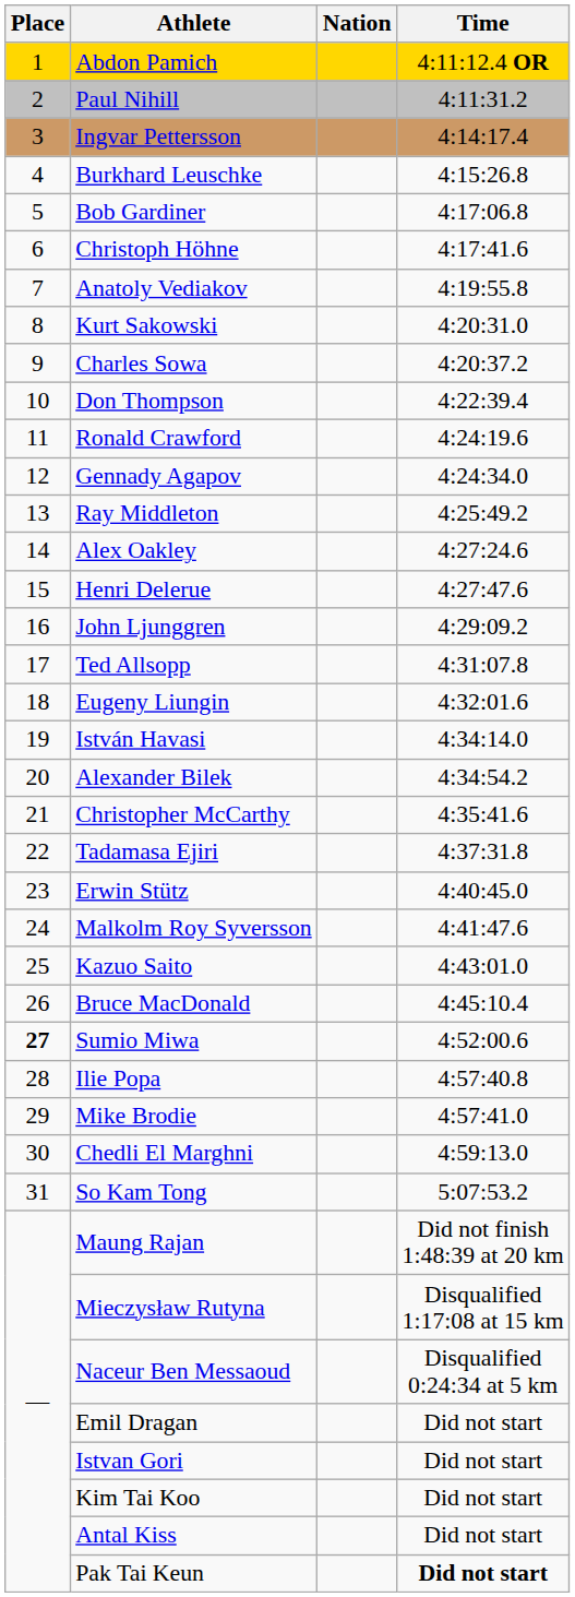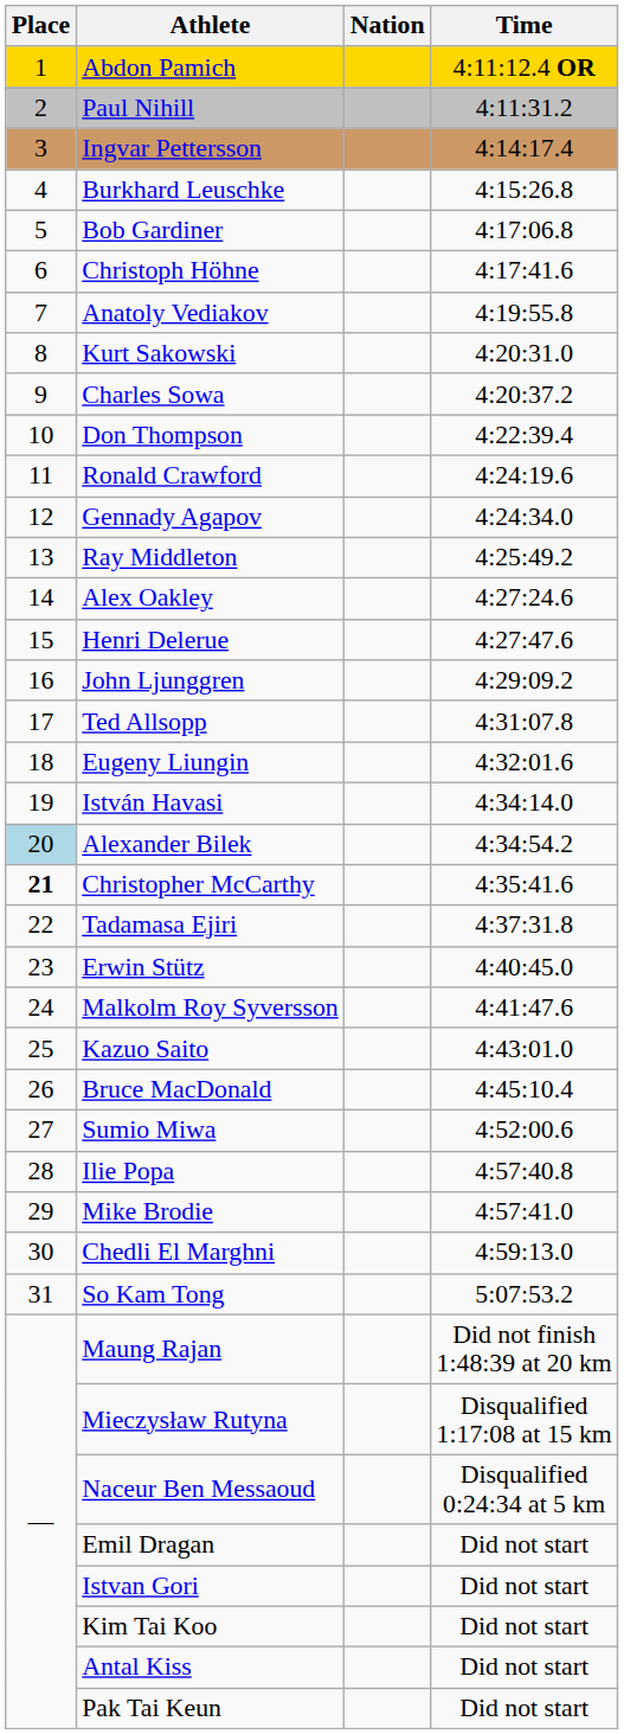 <table class=wikitable>
 <tr>
 <th>Place</th>
 <th>Athlete</th>
 <th>Nation</th>
 <th>Time</th>
 </tr>
 <tr align=center bgcolor=gold>
 <td>1</td>
 <td align=left><a href='#'>Abdon Pamich</a></td>
 <td align=left></td>
 <td>4:11:12.4 <strong>OR</strong></td>
 </tr>
 <tr align=center bgcolor=silver>
 <td>2</td>
 <td align=left><a href='#'>Paul Nihill</a></td>
 <td align=left></td>
 <td>4:11:31.2</td>
 </tr>
 <tr align=center bgcolor=cc9966>
 <td>3</td>
 <td align=left><a href='#'>Ingvar Pettersson</a></td>
 <td align=left></td>
 <td>4:14:17.4</td>
 </tr>
 <tr align=center>
 <td>4</td>
 <td align=left><a href='#'>Burkhard Leuschke</a></td>
 <td align=left></td>
 <td>4:15:26.8</td>
 </tr>
 <tr align=center>
 <td>5</td>
 <td align=left><a href='#'>Bob Gardiner</a></td>
 <td align=left></td>
 <td>4:17:06.8</td>
 </tr>
 <tr align=center>
 <td>6</td>
 <td align=left><a href='#'>Christoph Höhne</a></td>
 <td align=left></td>
 <td>4:17:41.6</td>
 </tr>
 <tr align=center>
 <td>7</td>
 <td align=left><a href='#'>Anatoly Vediakov</a></td>
 <td align=left></td>
 <td>4:19:55.8</td>
 </tr>
 <tr align=center>
 <td>8</td>
 <td align=left><a href='#'>Kurt Sakowski</a></td>
 <td align=left></td>
 <td>4:20:31.0</td>
 </tr>
 <tr align=center>
 <td>9</td>
 <td align=left><a href='#'>Charles Sowa</a></td>
 <td align=left></td>
 <td>4:20:37.2</td>
 </tr>
 <tr align=center>
 <td>10</td>
 <td align=left><a href='#'>Don Thompson</a></td>
 <td align=left></td>
 <td>4:22:39.4</td>
 </tr>
 <tr align=center>
 <td>11</td>
 <td align=left><a href='#'>Ronald Crawford</a></td>
 <td align=left></td>
 <td>4:24:19.6</td>
 </tr>
 <tr align=center>
 <td>12</td>
 <td align=left><a href='#'>Gennady Agapov</a></td>
 <td align=left></td>
 <td>4:24:34.0</td>
 </tr>
 <tr align=center>
 <td>13</td>
 <td align=left><a href='#'>Ray Middleton</a></td>
 <td align=left></td>
 <td>4:25:49.2</td>
 </tr>
 <tr align=center>
 <td>14</td>
 <td align=left><a href='#'>Alex Oakley</a></td>
 <td align=left></td>
 <td>4:27:24.6</td>
 </tr>
 <tr align=center>
 <td>15</td>
 <td align=left><a href='#'>Henri Delerue</a></td>
 <td align=left></td>
 <td>4:27:47.6</td>
 </tr>
 <tr align=center>
 <td>16</td>
 <td align=left><a href='#'>John Ljunggren</a></td>
 <td align=left></td>
 <td>4:29:09.2</td>
 </tr>
 <tr align=center>
 <td>17</td>
 <td align=left><a href='#'>Ted Allsopp</a></td>
 <td align=left></td>
 <td>4:31:07.8</td>
 </tr>
 <tr align=center>
 <td>18</td>
 <td align=left><a href='#'>Eugeny Liungin</a></td>
 <td align=left></td>
 <td>4:32:01.6</td>
 </tr>
 <tr align=center>
 <td>19</td>
 <td align=left><a href='#'>István Havasi</a></td>
 <td align=left></td>
 <td>4:34:14.0</td>
 </tr>
 <tr align=center>
-<td>20</td>
+<td style="background: lightblue;">20</td>
 <td align=left><a href='#'>Alexander Bilek</a></td>
 <td align=left></td>
 <td>4:34:54.2</td>
 </tr>
 <tr align=center>
-<td>21</td>
+<td><strong>21</strong></td>
 <td align=left><a href='#'>Christopher McCarthy</a></td>
 <td align=left></td>
 <td>4:35:41.6</td>
 </tr>
 <tr align=center>
 <td>22</td>
 <td align=left><a href='#'>Tadamasa Ejiri</a></td>
 <td align=left></td>
 <td>4:37:31.8</td>
 </tr>
 <tr align=center>
 <td>23</td>
 <td align=left><a href='#'>Erwin Stütz</a></td>
 <td align=left></td>
 <td>4:40:45.0</td>
 </tr>
 <tr align=center>
 <td>24</td>
 <td align=left><a href='#'>Malkolm Roy Syversson</a></td>
 <td align=left></td>
 <td>4:41:47.6</td>
 </tr>
 <tr align=center>
 <td>25</td>
 <td align=left><a href='#'>Kazuo Saito</a></td>
 <td align=left></td>
 <td>4:43:01.0</td>
 </tr>
 <tr align=center>
 <td>26</td>
 <td align=left><a href='#'>Bruce MacDonald</a></td>
 <td align=left></td>
 <td>4:45:10.4</td>
 </tr>
 <tr align=center>
-<td><strong>27</strong></td>
+<td>27</td>
 <td align=left><a href='#'>Sumio Miwa</a></td>
 <td align=left></td>
 <td>4:52:00.6</td>
 </tr>
 <tr align=center>
 <td>28</td>
 <td align=left><a href='#'>Ilie Popa</a></td>
 <td align=left></td>
 <td>4:57:40.8</td>
 </tr>
 <tr align=center>
 <td>29</td>
 <td align=left><a href='#'>Mike Brodie</a></td>
 <td align=left></td>
 <td>4:57:41.0</td>
 </tr>
 <tr align=center>
 <td>30</td>
 <td align=left><a href='#'>Chedli El Marghni</a></td>
 <td align=left></td>
 <td>4:59:13.0</td>
 </tr>
 <tr align=center>
 <td>31</td>
 <td align=left><a href='#'>So Kam Tong</a></td>
 <td align=left></td>
 <td>5:07:53.2</td>
 </tr>
 <tr align=center>
 <td rowspan=8>—</td>
 <td align=left><a href='#'>Maung Rajan</a></td>
 <td align=left></td>
 <td>Did not finish <br> 1:48:39 at 20 km</td>
 </tr>
 <tr align=center>
 <td align=left><a href='#'>Mieczysław Rutyna</a></td>
 <td align=left></td>
 <td>Disqualified <br> 1:17:08 at 15 km</td>
 </tr>
 <tr align=center>
 <td align=left><a href='#'>Naceur Ben Messaoud</a></td>
 <td align=left></td>
 <td>Disqualified <br> 0:24:34 at 5 km</td>
 </tr>
 <tr align=center>
 <td align=left>Emil Dragan</td>
 <td align=left></td>
 <td>Did not start</td>
 </tr>
 <tr align=center>
 <td align=left><a href='#'>Istvan Gori</a></td>
 <td align=left></td>
 <td>Did not start</td>
 </tr>
 <tr align=center>
 <td align=left>Kim Tai Koo</td>
 <td align=left></td>
 <td>Did not start</td>
 </tr>
 <tr align=center>
 <td align=left><a href='#'>Antal Kiss</a></td>
 <td align=left></td>
 <td>Did not start</td>
 </tr>
 <tr align=center>
 <td align=left>Pak Tai Keun</td>
 <td align=left></td>
-<td><strong>Did not start</strong></td>
+<td>Did not start</td>
 </tr>
 </table>
